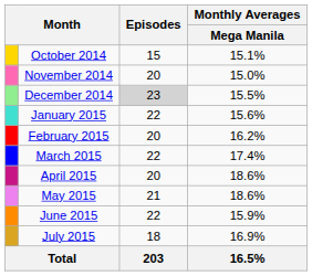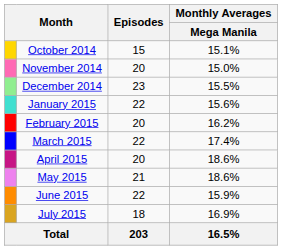 <table class="wikitable plainrowheaders" style="text-align: center; line-height:25px;">
 <tr class="wikitable" style="text-align: center;">
 <th colspan="2" rowspan="2" style="padding: 0 8px;">Month</th>
 <th rowspan="2" style="padding: 0 8px;">Episodes</th>
 <th colspan="2" style="padding: 0 8px;">Monthly Averages</th>
 </tr>
 <tr>
 <th style="padding: 0 8px;">Mega Manila</th>
 </tr>
 <tr>
 <td style="padding: 0 8px; background:#FFD700;"></td>
 <td style="padding: 0 8px;" '><a href='#'>October 2014</a></td>
 <td style="padding: 0 8px;">15</td>
 <td style="padding: 0 8px;">15.1%</td>
 </tr>
 <tr>
 <td style="padding: 0 8px; background:#FF69B4;"></td>
 <td style="padding: 0 8px;" '><a href='#'>November 2014</a></td>
 <td style="padding: 0 8px;">20</td>
 <td style="padding: 0 8px;">15.0%</td>
 </tr>
 <tr>
 <td style="padding: 0 8px; background:#90EE90;"></td>
 <td style="padding: 0 8px;" '><a href='#'>December 2014</a></td>
-<td style="background: lightgrey; padding: 0 8px;">23</td>
+<td style="padding: 0 8px;">23</td>
 <td style="padding: 0 8px;">15.5%</td>
 </tr>
 <tr>
 <td style="padding: 0 8px; background:#40E0D0;"></td>
 <td style="padding: 0 8px;" '><a href='#'>January 2015</a></td>
 <td style="padding: 0 8px;">22</td>
 <td style="padding: 0 8px;">15.6%</td>
 </tr>
 <tr>
 <td style="padding: 0 8px; background:#FF0000;"></td>
 <td style="padding: 0 8px;" '><a href='#'>February 2015</a></td>
 <td style="padding: 0 8px;">20</td>
 <td style="padding: 0 8px;">16.2%</td>
 </tr>
 <tr>
 <td style="padding: 0 8px; background:#0000FF;"></td>
 <td style="padding: 0 8px;" '><a href='#'>March 2015</a></td>
 <td style="padding: 0 8px;">22</td>
 <td style="padding: 0 8px;">17.4%</td>
 </tr>
 <tr>
 <td style="padding: 0 8px; background:#C71585;"></td>
 <td style="padding: 0 8px;" '><a href='#'>April 2015</a></td>
 <td style="padding: 0 8px;">20</td>
 <td style="padding: 0 8px;">18.6%</td>
 </tr>
 <tr>
 <td style="padding: 0 8px; background:#EE82EE;"></td>
 <td style="padding: 0 8px;" '><a href='#'>May 2015</a></td>
 <td style="padding: 0 8px;">21</td>
 <td style="padding: 0 8px;">18.6%</td>
 </tr>
 <tr>
 <td style="padding: 0 8px; background:#FF8C00;"></td>
 <td style="padding: 0 8px;" '><a href='#'>June 2015</a></td>
 <td style="padding: 0 8px;">22</td>
 <td style="padding: 0 8px;">15.9%</td>
 </tr>
 <tr>
 <td style="padding: 0 8px; background:#DAA520;"></td>
 <td style="padding: 0 8px;" '><a href='#'>July 2015</a></td>
 <td style="padding: 0 8px;">18</td>
 <td style="padding: 0 8px;">16.9%</td>
 </tr>
 <tr>
 <th colspan="2">Total</th>
 <th colspan="1">203</th>
 <th colspan="2">16.5%</th>
 </tr>
 </table>
